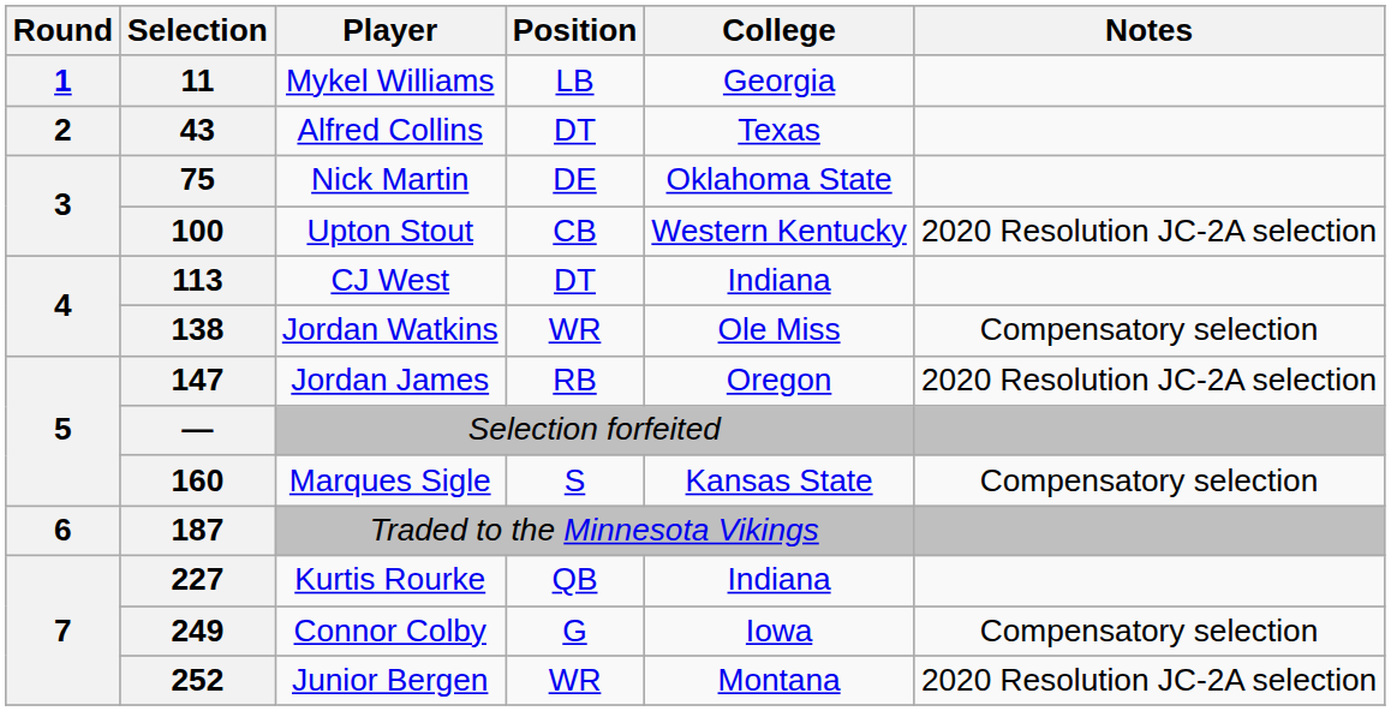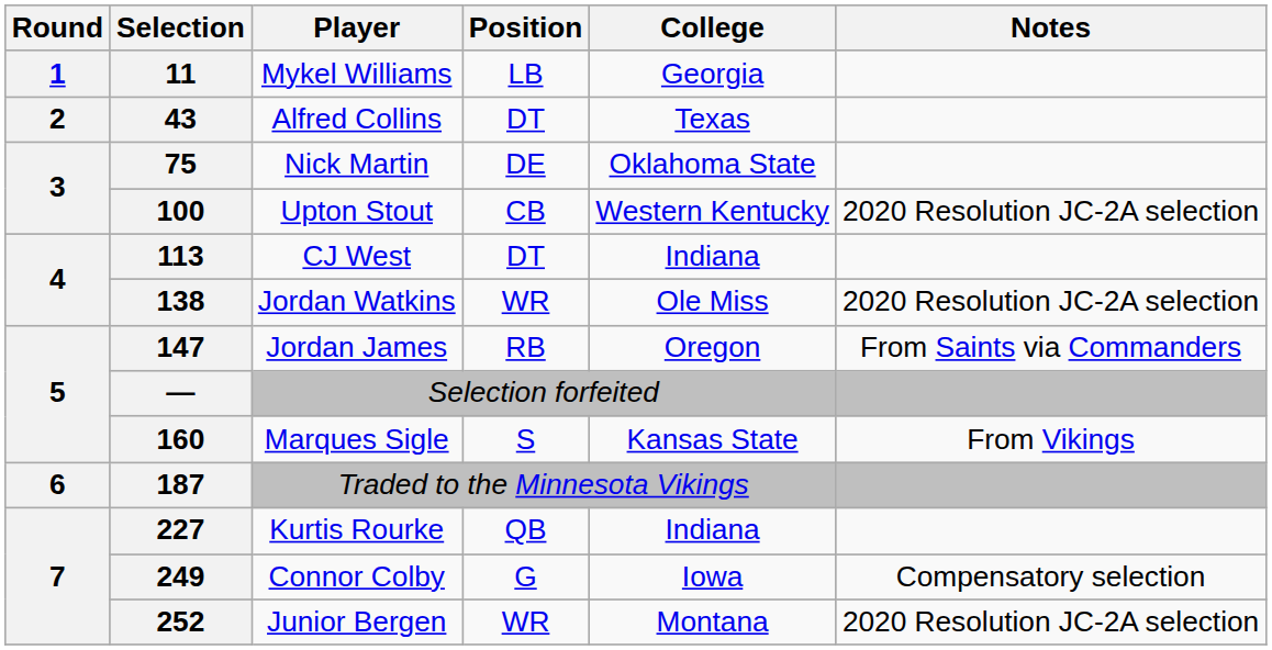 <table class="wikitable" style="text-align:center">
 <tr>
 <th>Round</th>
 <th>Selection</th>
 <th>Player</th>
 <th>Position</th>
 <th>College</th>
 <th>Notes</th>
 </tr>
 <tr>
 <th><a href='#'>1</a></th>
 <th>11</th>
 <td><a href='#'>Mykel Williams</a></td>
 <td><a href='#'>LB</a></td>
 <td><a href='#'>Georgia</a></td>
 <td></td>
 </tr>
 <tr>
 <th>2</th>
 <th>43</th>
 <td><a href='#'>Alfred Collins</a></td>
 <td><a href='#'>DT</a></td>
 <td><a href='#'>Texas</a></td>
 <td></td>
 </tr>
 <tr>
 <th rowspan="2">3</th>
 <th>75</th>
 <td><a href='#'>Nick Martin</a></td>
 <td><a href='#'>DE</a></td>
 <td><a href='#'>Oklahoma State</a></td>
 <td></td>
 </tr>
 <tr>
 <th>100</th>
 <td><a href='#'>Upton Stout</a></td>
 <td><a href='#'>CB</a></td>
 <td><a href='#'>Western Kentucky</a></td>
 <td>2020 Resolution JC-2A selection</td>
 </tr>
 <tr>
 <th rowspan="2">4</th>
 <th>113</th>
 <td><a href='#'>CJ West</a></td>
 <td><a href='#'>DT</a></td>
 <td><a href='#'>Indiana</a></td>
 <td></td>
 </tr>
 <tr>
 <th>138</th>
 <td><a href='#'>Jordan Watkins</a></td>
 <td><a href='#'>WR</a></td>
 <td><a href='#'>Ole Miss</a></td>
-<td>Compensatory selection</td>
+<td>2020 Resolution JC-2A selection</td>
 </tr>
 <tr>
 <th rowspan="3">5</th>
 <th>147</th>
 <td><a href='#'>Jordan James</a></td>
 <td><a href='#'>RB</a></td>
 <td><a href='#'>Oregon</a></td>
-<td>2020 Resolution JC-2A selection</td>
+<td>From <a href='#'>Saints</a> via <a href='#'>Commanders</a></td>
 </tr>
 <tr>
 <th>—</th>
 <td colspan=3 style="background:#BFBFBF"><em>Selection forfeited</em></td>
 <td style="background:#BFBFBF"></td>
 </tr>
 <tr>
 <th>160</th>
 <td><a href='#'>Marques Sigle</a></td>
 <td><a href='#'>S</a></td>
 <td><a href='#'>Kansas State</a></td>
-<td>Compensatory selection</td>
+<td>From <a href='#'>Vikings</a></td>
 </tr>
 <tr>
 <th>6</th>
 <th>187</th>
 <td colspan=3 style="background:#BFBFBF"><em>Traded to the <a href='#'>Minnesota Vikings</a></em></td>
 <td style="background:#BFBFBF"></td>
 </tr>
 <tr>
 <th rowspan="3">7</th>
 <th>227</th>
 <td><a href='#'>Kurtis Rourke</a></td>
 <td><a href='#'>QB</a></td>
 <td><a href='#'>Indiana</a></td>
 <td></td>
 </tr>
 <tr>
 <th>249</th>
 <td><a href='#'>Connor Colby</a></td>
 <td><a href='#'>G</a></td>
 <td><a href='#'>Iowa</a></td>
 <td>Compensatory selection</td>
 </tr>
 <tr>
 <th>252</th>
 <td><a href='#'>Junior Bergen</a></td>
 <td><a href='#'>WR</a></td>
 <td><a href='#'>Montana</a></td>
 <td>2020 Resolution JC-2A selection</td>
 </tr>
 </table>
